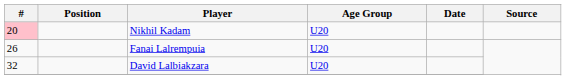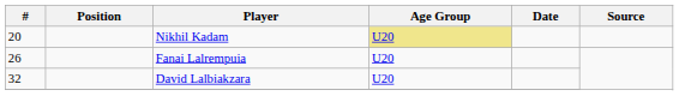 <table class="wikitable sortable" style="width:90%; text-align:center; font-size:95%; text-align:left;">
 <tr>
 <th><strong>#</strong></th>
 <th><strong>Position </strong></th>
 <th><strong>Player </strong></th>
 <th><strong>Age Group</strong></th>
 <th><strong>Date</strong></th>
 <th><strong>Source</strong></th>
 </tr>
 <tr>
-<td style="background: pink;">20</td>
+<td>20</td>
 <td></td>
 <td> <a href='#'>Nikhil Kadam</a></td>
-<td><a href='#'>U20</a></td>
+<td style="background: khaki;"><a href='#'>U20</a></td>
 <td></td>
 <td></td>
 </tr>
 <tr>
 <td>26</td>
 <td></td>
 <td><a href='#'>Fanai Lalrempuia</a></td>
 <td><a href='#'>U20</a></td>
 <td></td>
 </tr>
 <tr>
 <td>32</td>
 <td></td>
 <td><a href='#'>David Lalbiakzara</a></td>
 <td><a href='#'>U20</a></td>
 <td></td>
 </tr>
 <tr>
 </tr>
 </table>
